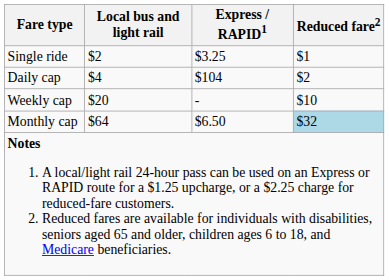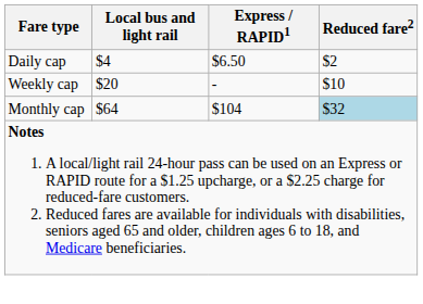 <table class="wikitable" width="35%" align="bottom">
 <tr>
 <th>Fare type</th>
 <th>Local bus and light rail</th>
 <th>Express / RAPID<sup>1</sup></th>
 <th>Reduced fare<sup>2</sup></th>
 </tr>
 <tr>
-<td>Single ride</td>
-<td>$2</td>
-<td>$3.25</td>
-<td>$1</td>
-</tr>
-<tr>
 <td>Daily cap</td>
 <td>$4</td>
-<td>$104</td>
+<td>$6.50</td>
 <td>$2</td>
 </tr>
 <tr>
 <td>Weekly cap</td>
 <td>$20</td>
 <td>-</td>
 <td>$10</td>
 </tr>
 <tr>
 <td>Monthly cap</td>
 <td>$64</td>
-<td>$6.50</td>
+<td>$104</td>
 <td style="background: lightblue;">$32</td>
 </tr>
 <tr>
 <td colspan="4"><strong>Notes</strong><br><ol><li>A local/light rail 24-hour pass can be used on an Express or RAPID route for a $1.25 upcharge, or a $2.25 charge for reduced-fare customers.</li><li>Reduced fares are available for individuals with disabilities, seniors aged 65 and older, children ages 6 to 18, and <a href='#'>Medicare</a> beneficiaries.</li></ol></td>
 </tr>
 </table>
